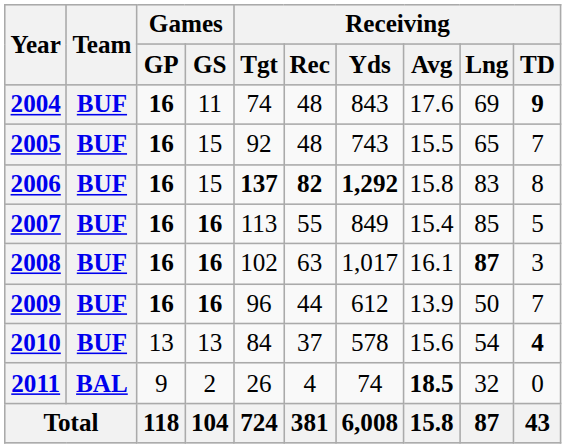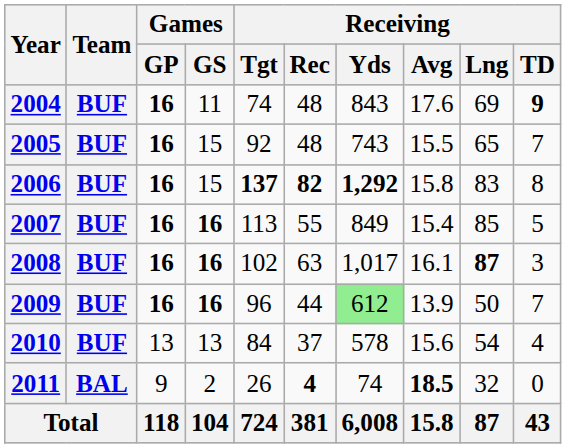 <table class="wikitable" style="text-align:center">
 <tr>
 <th rowspan="2">Year</th>
 <th rowspan="2">Team</th>
 <th colspan="2">Games</th>
 <th colspan="6">Receiving</th>
 </tr>
 <tr>
 <th>GP</th>
 <th>GS</th>
 <th>Tgt</th>
 <th>Rec</th>
 <th>Yds</th>
 <th>Avg</th>
 <th>Lng</th>
 <th>TD</th>
 </tr>
 <tr>
 <th><a href='#'>2004</a></th>
 <th><a href='#'>BUF</a></th>
 <td><strong>16</strong></td>
 <td>11</td>
 <td>74</td>
 <td>48</td>
 <td>843</td>
 <td>17.6</td>
 <td>69</td>
 <td><strong>9</strong></td>
 </tr>
 <tr>
 <th><a href='#'>2005</a></th>
 <th><a href='#'>BUF</a></th>
 <td><strong>16</strong></td>
 <td>15</td>
 <td>92</td>
 <td>48</td>
 <td>743</td>
 <td>15.5</td>
 <td>65</td>
 <td>7</td>
 </tr>
 <tr>
 <th><a href='#'>2006</a></th>
 <th><a href='#'>BUF</a></th>
 <td><strong>16</strong></td>
 <td>15</td>
 <td><strong>137</strong></td>
 <td><strong>82</strong></td>
 <td><strong>1,292</strong></td>
 <td>15.8</td>
 <td>83</td>
 <td>8</td>
 </tr>
 <tr>
 <th><a href='#'>2007</a></th>
 <th><a href='#'>BUF</a></th>
 <td><strong>16</strong></td>
 <td><strong>16</strong></td>
 <td>113</td>
 <td>55</td>
 <td>849</td>
 <td>15.4</td>
 <td>85</td>
 <td>5</td>
 </tr>
 <tr>
 <th><a href='#'>2008</a></th>
 <th><a href='#'>BUF</a></th>
 <td><strong>16</strong></td>
 <td><strong>16</strong></td>
 <td>102</td>
 <td>63</td>
 <td>1,017</td>
 <td>16.1</td>
 <td><strong>87</strong></td>
 <td>3</td>
 </tr>
 <tr>
 <th><a href='#'>2009</a></th>
 <th><a href='#'>BUF</a></th>
 <td><strong>16</strong></td>
 <td><strong>16</strong></td>
 <td>96</td>
 <td>44</td>
-<td>612</td>
+<td style="background: lightgreen;">612</td>
 <td>13.9</td>
 <td>50</td>
 <td>7</td>
 </tr>
 <tr>
 <th><a href='#'>2010</a></th>
 <th><a href='#'>BUF</a></th>
 <td>13</td>
 <td>13</td>
 <td>84</td>
 <td>37</td>
 <td>578</td>
 <td>15.6</td>
 <td>54</td>
-<td><strong>4</strong></td>
+<td>4</td>
 </tr>
 <tr>
 <th><a href='#'>2011</a></th>
 <th><a href='#'>BAL</a></th>
 <td>9</td>
 <td>2</td>
 <td>26</td>
-<td>4</td>
+<td><strong>4</strong></td>
 <td>74</td>
 <td><strong>18.5</strong></td>
 <td>32</td>
 <td>0</td>
 </tr>
 <tr>
 <th colspan="2">Total</th>
 <th>118</th>
 <th>104</th>
 <th>724</th>
 <th>381</th>
 <th>6,008</th>
 <th>15.8</th>
 <th>87</th>
 <th>43</th>
 </tr>
 </table>
